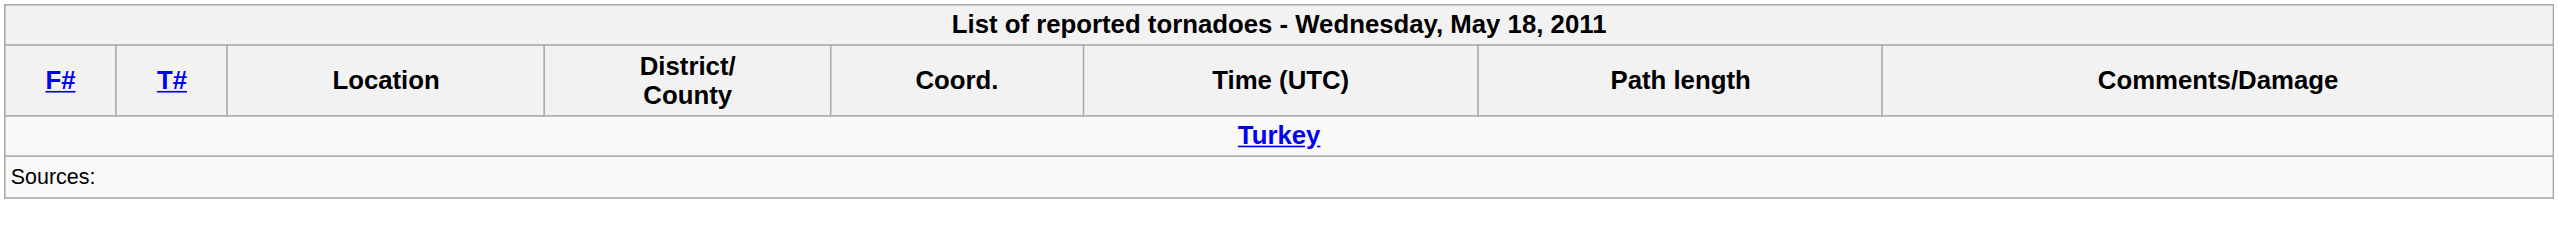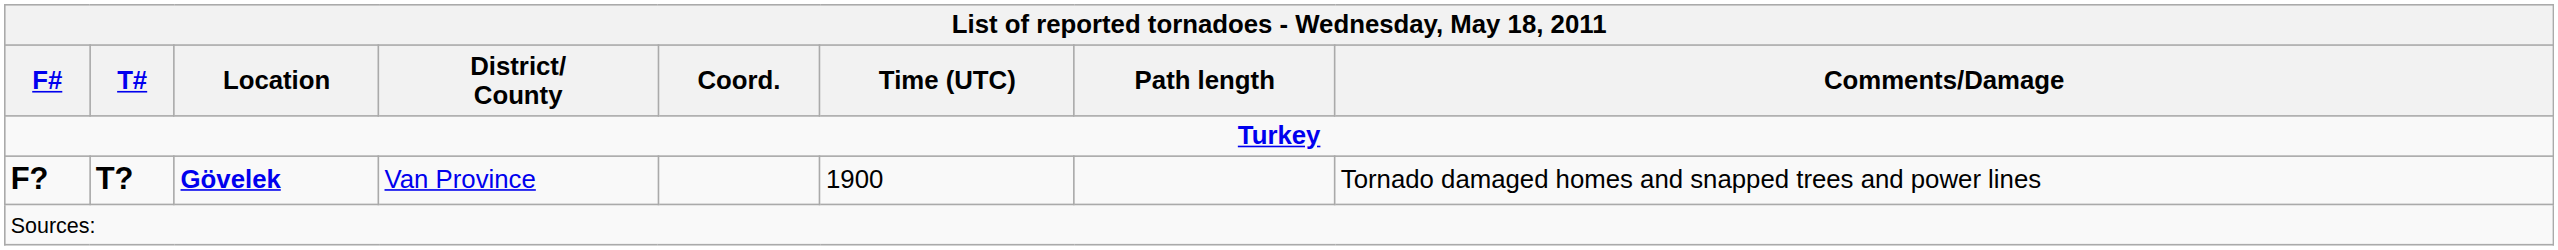 <table class="wikitable collapsible" width="100%">
 <tr>
 <th colspan="8">List of reported tornadoes - Wednesday, May 18, 2011</th>
 </tr>
 <tr>
 <th><a href='#'>F#</a></th>
 <th><a href='#'>T#</a></th>
 <th>Location</th>
 <th>District/<br>County</th>
 <th>Coord.</th>
 <th>Time (UTC)</th>
 <th>Path length</th>
 <th>Comments/Damage</th>
 </tr>
 <tr>
 <td colspan="8" align=center><strong><a href='#'>Turkey</a></strong></td>
 </tr>
 <tr>
+<td><big><strong>F?</strong></big></td>
+<td><big><strong>T?</strong></big></td>
+<td><strong><a href='#'>Gövelek</a></strong></td>
+<td><a href='#'>Van Province</a></td>
+<td></td>
+<td>1900</td>
+<td></td>
+<td>Tornado damaged homes and snapped trees and power lines</td>
+</tr>
+<tr>
 <td colspan="8"><small>Sources:  </small></td>
 </tr>
 </table>
